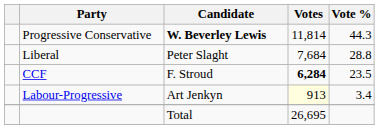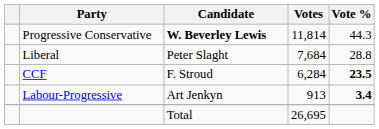 <table class="wikitable">
 <tr>
 <th></th>
 <th scope="col" width="175">Party</th>
 <th scope="col" width="150">Candidate</th>
 <th>Votes</th>
 <th>Vote %</th>
 </tr>
 <tr>
 <td>   </td>
 <td>Progressive Conservative</td>
 <td><strong>W. Beverley Lewis</strong></td>
 <td align=right>11,814</td>
 <td align=right>44.3</td>
 </tr>
 <tr>
 <td>   </td>
 <td>Liberal</td>
 <td>Peter Slaght</td>
 <td align=right>7,684</td>
 <td align=right>28.8</td>
 </tr>
 <tr>
 <td>   </td>
 <td><a href='#'>CCF</a></td>
 <td>F. Stroud</td>
-<td align=right><strong>6,284</strong></td>
-<td align=right>23.5</td>
+<td align=right>6,284</td>
+<td align=right><strong>23.5</strong></td>
 </tr>
 <tr>
 <td>   </td>
 <td><a href='#'>Labour-Progressive</a></td>
 <td>Art Jenkyn</td>
-<td align=right style="background: lightyellow;">913</td>
-<td align=right>3.4</td>
+<td align=right>913</td>
+<td align=right><strong>3.4</strong></td>
 </tr>
 <tr>
 </tr>
 <tr>
 <td></td>
 <td></td>
 <td>Total</td>
 <td align=right>26,695</td>
 <td></td>
 </tr>
 </table>
